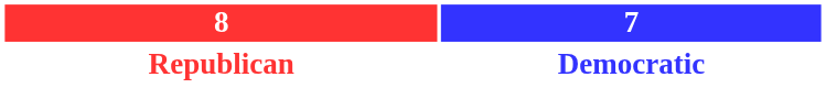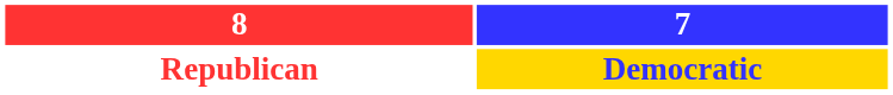 <table style="width:50%">
 <tr>
 <td scope="row" colspan="3" style="text-align:center"></td>
 </tr>
 <tr>
 <td scope="row" style="background:#F33; width:53.3%; text-align:center; color:white"><strong>8</strong></td>
 <td style="background:#33F; width:46.7%; text-align:center; color:white"><strong>7</strong></td>
 </tr>
 <tr>
 <td scope="row" style="text-align:center; color:#F33"><strong>Republican</strong></td>
-<td style="text-align:center; color:#33F"><strong>Democratic</strong></td>
+<td style="background: gold; text-align:center; color:#33F"><strong>Democratic</strong></td>
 </tr>
 </table>
